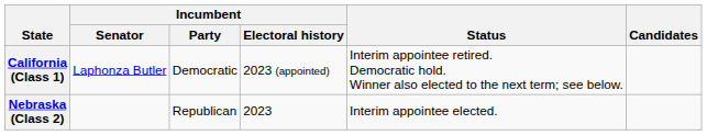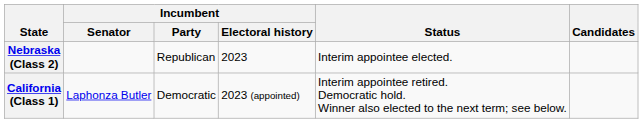 <table class="wikitable sortable">
 <tr valign=bottom>
 <th rowspan=2>State</th>
 <th colspan=3>Incumbent</th>
 <th rowspan=2>Status</th>
 <th rowspan=2 class="unsortable">Candidates</th>
 </tr>
 <tr>
 <th>Senator</th>
 <th>Party</th>
 <th>Electoral history</th>
 </tr>
 <tr>
+<th><a href='#'>Nebraska</a><br>(Class 2)</th>
+<td></td>
+<td>Republican</td>
+<td>2023 </td>
+<td data-sort-value=0>Interim appointee elected.</td>
+<td nowrap><br></td>
+</tr>
+<tr>
 <th><a href='#'>California</a><br>(Class 1)</th>
 <td><a href='#'>Laphonza Butler</a></td>
 <td>Democratic</td>
 <td data-sort-value=2023>2023 <small>(appointed)</small></td>
 <td>Interim appointee retired.<br>Democratic hold.<br>Winner also elected to the next term; see below.</td>
 <td nowrap></td>
 </tr>
-<tr>
-<th><a href='#'>Nebraska</a><br>(Class 2)</th>
-<td></td>
-<td>Republican</td>
-<td>2023 </td>
-<td data-sort-value=0>Interim appointee elected.</td>
-<td nowrap><br></td>
-</tr>
 </table>
